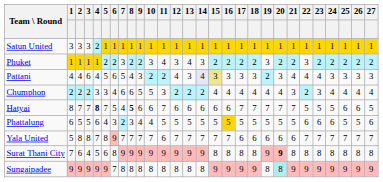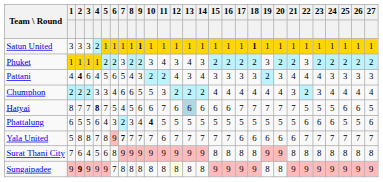 <table class="wikitable sortable" style="font-size: 74%; text-align:center;">
 <tr>
 <th rowspan="2" style="width:76px;">Team \ Round</th>
 <th align=center>1</th>
 <th align=center>2</th>
 <th align=center>3</th>
 <th align=center>4</th>
 <th align=center>5</th>
 <th align=center>6</th>
 <th align=center>7</th>
 <th align=center>8</th>
 <th align=center>9</th>
 <th align=center>10</th>
 <th align=center>11</th>
 <th align=center>12</th>
 <th align=center>13</th>
 <th align=center>14</th>
 <th align=center>15</th>
 <th align=center>16</th>
 <th align=center>17</th>
 <th align=center>18</th>
 <th align=center>19</th>
 <th align=center>20</th>
 <th align=center>21</th>
 <th align=center>22</th>
 <th align=center>23</th>
 <th align=center>24</th>
 <th align=center>25</th>
 <th align=center>26</th>
 <th align=center>27</th>
 </tr>
 <tr>
 <th style="text-align:center; height:20px;"></th>
 <th align=center></th>
 <th align=center></th>
 <th align=center></th>
 <th align=center></th>
 <th align=center></th>
 <th align=center></th>
 <th align=center></th>
 <th align=center></th>
 <th align=center></th>
 <th align=center></th>
 <th align=center></th>
 <th align=center></th>
 <th align=center></th>
 <th align=center></th>
 <th align=center></th>
 <th align=center></th>
 <th align=center></th>
 <th align=center></th>
 <th align=center></th>
 <th align=center></th>
 <th align=center></th>
 <th align=center></th>
 <th align=center></th>
 <th align=center></th>
 <th align=center></th>
 <th align=center></th>
 </tr>
 <tr align=center>
 <td align=left><a href='#'>Satun United</a></td>
 <td>3</td>
 <td>3</td>
 <td>3</td>
 <td style="background:#BBF3FF">2</td>
 <td style="background:gold">1</td>
 <td style="background:gold">1</td>
 <td style="background:gold">1</td>
 <td style="background:gold">1</td>
+<td style="background:gold"><strong>1</strong></td>
 <td style="background:gold">1</td>
 <td style="background:gold">1</td>
 <td style="background:gold">1</td>
 <td style="background:gold">1</td>
 <td style="background:gold">1</td>
 <td style="background:gold">1</td>
 <td style="background:gold">1</td>
 <td style="background:gold">1</td>
-<td style="background:gold">1</td>
-<td style="background:gold">1</td>
+<td style="background:gold"><strong>1</strong></td>
 <td style="background:gold">1</td>
 <td style="background:gold">1</td>
 <td style="background:gold">1</td>
 <td style="background:gold">1</td>
 <td style="background:gold">1</td>
 <td style="background:gold">1</td>
 <td style="background:gold">1</td>
 <td style="background:gold">1</td>
 <td style="background:gold">1</td>
 </tr>
 <tr align=center>
 <td align=left><a href='#'>Phuket</a></td>
 <td style="background:gold">1</td>
 <td style="background:gold">1</td>
 <td style="background:gold">1</td>
 <td style="background:gold">1</td>
 <td style="background:#BBF3FF">2</td>
 <td style="background:#BBF3FF">2</td>
 <td>3</td>
 <td style="background:#BBF3FF">2</td>
 <td style="background:#BBF3FF">2</td>
 <td>3</td>
 <td>4</td>
 <td>3</td>
 <td>4</td>
 <td>3</td>
 <td style="background:#BBF3FF">2</td>
 <td style="background:#BBF3FF">2</td>
 <td style="background:#BBF3FF">2</td>
 <td style="background:#BBF3FF">2</td>
 <td>3</td>
 <td style="background:#BBF3FF">2</td>
 <td style="background:#BBF3FF">2</td>
 <td>3</td>
 <td style="background:#BBF3FF">2</td>
 <td style="background:#BBF3FF">2</td>
 <td style="background:#BBF3FF">2</td>
 <td style="background:#BBF3FF">2</td>
 <td style="background:#BBF3FF">2</td>
 </tr>
 <tr align=center>
 <td align=left><a href='#'>Pattani</a></td>
 <td>4</td>
-<td>4</td>
+<td><strong>4</strong></td>
 <td>6</td>
 <td>4</td>
 <td>5</td>
 <td>6</td>
 <td>5</td>
 <td>4</td>
 <td>3</td>
 <td style="background:#BBF3FF">2</td>
 <td style="background:#BBF3FF">2</td>
 <td>4</td>
 <td>3</td>
-<td style="background: lavender;">4</td>
-<td style="background: khaki;">3</td>
+<td>4</td>
+<td>3</td>
 <td>3</td>
 <td>3</td>
 <td>3</td>
 <td style="background:#BBF3FF">2</td>
 <td>3</td>
 <td>4</td>
 <td>4</td>
 <td>4</td>
 <td>3</td>
 <td>3</td>
 <td>3</td>
 <td>3</td>
 </tr>
 <tr align=center>
 <td align=left><a href='#'>Chumphon</a></td>
 <td style="background:#BBF3FF">2</td>
 <td style="background:#BBF3FF">2</td>
 <td style="background:#BBF3FF">2</td>
 <td>3</td>
 <td>3</td>
 <td>4</td>
 <td>6</td>
 <td>6</td>
 <td>5</td>
 <td>5</td>
 <td>3</td>
 <td style="background:#BBF3FF">2</td>
 <td style="background:#BBF3FF">2</td>
 <td style="background:#BBF3FF">2</td>
 <td>4</td>
 <td>4</td>
 <td>4</td>
 <td>4</td>
 <td>4</td>
 <td>4</td>
 <td>3</td>
 <td style="background:#BBF3FF">2</td>
 <td>3</td>
 <td>4</td>
 <td>4</td>
 <td>4</td>
 <td>4</td>
 </tr>
 <tr align=center>
 <td align=left><a href='#'>Hatyai</a></td>
 <td>8</td>
 <td>7</td>
 <td>7</td>
 <td><strong>8</strong></td>
 <td>7</td>
 <td>5</td>
 <td>4</td>
-<td><strong>5</strong></td>
+<td>5</td>
 <td>6</td>
 <td>6</td>
 <td>7</td>
 <td>6</td>
-<td>6</td>
+<td style="background: lightblue;">6</td>
 <td>6</td>
 <td>6</td>
 <td>6</td>
 <td>7</td>
 <td>7</td>
 <td>7</td>
 <td>7</td>
 <td>7</td>
 <td>5</td>
 <td>5</td>
 <td>5</td>
 <td>6</td>
 <td>6</td>
 <td>5</td>
 </tr>
 <tr align=center>
 <td align=left><a href='#'>Phattalung</a></td>
 <td>6</td>
 <td>5</td>
 <td>5</td>
 <td>6</td>
 <td>4</td>
 <td>3</td>
 <td style="background:#BBF3FF">2</td>
 <td>3</td>
 <td>4</td>
-<td>4</td>
+<td><strong>4</strong></td>
 <td>5</td>
 <td>5</td>
 <td>5</td>
 <td>5</td>
 <td>5</td>
-<td style="background: gold;">5</td>
+<td>5</td>
 <td>5</td>
 <td>5</td>
 <td>5</td>
 <td>5</td>
 <td>5</td>
 <td>6</td>
 <td>6</td>
 <td>6</td>
 <td>5</td>
 <td>5</td>
 <td>6</td>
 </tr>
 <tr align=center>
 <td align=left><a href='#'>Yala United</a></td>
 <td>5</td>
 <td>8</td>
 <td>8</td>
 <td>7</td>
 <td>8</td>
 <td style="background:#FFBBBB">9</td>
-<td>7</td>
+<td><strong>7</strong></td>
 <td>7</td>
 <td>7</td>
 <td>7</td>
 <td>6</td>
 <td>7</td>
 <td>7</td>
 <td>7</td>
 <td>7</td>
 <td>7</td>
 <td>6</td>
 <td>6</td>
 <td>6</td>
 <td>6</td>
 <td>6</td>
 <td>7</td>
 <td>7</td>
 <td>7</td>
 <td>7</td>
 <td>7</td>
 <td>7</td>
 </tr>
 <tr align=center>
 <td align=left><a href='#'>Surat Thani City</a></td>
 <td>7</td>
 <td>6</td>
 <td>4</td>
 <td>5</td>
 <td>6</td>
 <td>8</td>
 <td style="background:#FFBBBB">9</td>
 <td style="background:#FFBBBB">9</td>
 <td style="background:#FFBBBB">9</td>
 <td style="background:#FFBBBB">9</td>
 <td style="background:#FFBBBB">9</td>
 <td style="background:#FFBBBB">9</td>
 <td style="background:#FFBBBB">9</td>
 <td style="background:#FFBBBB">9</td>
 <td>8</td>
 <td>8</td>
 <td>8</td>
 <td>8</td>
 <td style="background:#FFBBBB">9</td>
-<td style="background:#FFBBBB"><strong>9</strong></td>
+<td style="background:#FFBBBB">9</td>
 <td>8</td>
 <td>8</td>
 <td>8</td>
 <td>8</td>
 <td>8</td>
 <td>8</td>
 <td>8</td>
 </tr>
 <tr align=center>
 <td align=left><a href='#'>Sungaipadee</a></td>
 <td style="background:#FFBBBB">9</td>
-<td style="background:#FFBBBB">9</td>
+<td style="background:#FFBBBB"><strong>9</strong></td>
 <td style="background:#FFBBBB">9</td>
 <td style="background:#FFBBBB">9</td>
 <td style="background:#FFBBBB">9</td>
 <td>7</td>
 <td>8</td>
 <td>8</td>
 <td>8</td>
 <td>8</td>
 <td>8</td>
-<td>8</td>
+<td style="background: lightyellow;">8</td>
 <td>8</td>
 <td>8</td>
 <td style="background:#FFBBBB">9</td>
 <td style="background:#FFBBBB">9</td>
 <td style="background:#FFBBBB">9</td>
 <td style="background:#FFBBBB">9</td>
 <td>8</td>
-<td style="background: paleturquoise;">8</td>
+<td>8</td>
 <td style="background:#FFBBBB">9</td>
 <td style="background:#FFBBBB">9</td>
 <td style="background:#FFBBBB">9</td>
 <td style="background:#FFBBBB">9</td>
 <td style="background:#FFBBBB">9</td>
 <td style="background:#FFBBBB">9</td>
 <td style="background:#FFBBBB">9</td>
 </tr>
 </table>
